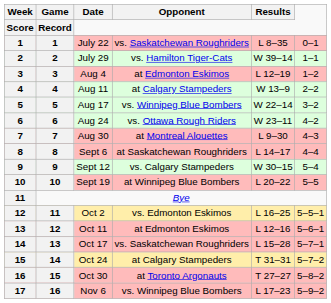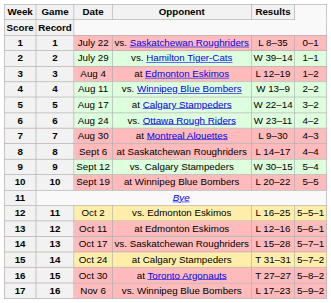 <table class="wikitable" style="text-align:center">
 <tr>
 <th>Week</th>
 <th>Game</th>
 <th>Date</th>
 <th>Opponent</th>
 <th>Results</th>
 </tr>
 <tr>
 <th>Score</th>
 <th>Record</th>
 </tr>
 <tr style="background:#ffbbbb">
 <th>1</th>
 <th>1</th>
 <td>July 22</td>
 <td>vs. <a href='#'>Saskatchewan Roughriders</a></td>
 <td>L 8–35</td>
 <td>0–1</td>
 </tr>
 <tr style="background:#ddffdd">
 <th>2</th>
 <th>2</th>
 <td>July 29</td>
 <td>vs. <a href='#'>Hamilton Tiger-Cats</a></td>
 <td>W 39–14</td>
 <td>1–1</td>
 </tr>
 <tr style="background:#ffbbbb">
 <th>3</th>
 <th>3</th>
 <td>Aug 4</td>
 <td>at <a href='#'>Edmonton Eskimos</a></td>
 <td>L 12–19</td>
 <td>1–2</td>
 </tr>
 <tr style="background:#ddffdd">
 <th>4</th>
 <th>4</th>
 <td>Aug 11</td>
-<td>at <a href='#'>Calgary Stampeders</a></td>
+<td>vs. <a href='#'>Winnipeg Blue Bombers</a></td>
 <td>W 13–9</td>
 <td>2–2</td>
 </tr>
 <tr style="background:#ddffdd">
 <th>5</th>
 <th>5</th>
 <td>Aug 17</td>
-<td>vs. <a href='#'>Winnipeg Blue Bombers</a></td>
+<td>at <a href='#'>Calgary Stampeders</a></td>
 <td>W 22–14</td>
 <td>3–2</td>
 </tr>
 <tr style="background:#ddffdd">
 <th>6</th>
 <th>6</th>
 <td>Aug 24</td>
 <td>vs. <a href='#'>Ottawa Rough Riders</a></td>
 <td>W 23–11</td>
 <td>4–2</td>
 </tr>
 <tr style="background:#ffbbbb">
 <th>7</th>
 <th>7</th>
 <td>Aug 30</td>
 <td>at <a href='#'>Montreal Alouettes</a></td>
 <td>L 9–30</td>
 <td>4–3</td>
 </tr>
 <tr style="background:#ffbbbb">
 <th>8</th>
 <th>8</th>
 <td>Sept 6</td>
 <td>at Saskatchewan Roughriders</td>
 <td>L 14–17</td>
 <td>4–4</td>
 </tr>
 <tr style="background:#ddffdd">
 <th>9</th>
 <th>9</th>
 <td>Sept 12</td>
 <td>vs. Calgary Stampeders</td>
 <td>W 30–15</td>
 <td>5–4</td>
 </tr>
 <tr style="background:#ffbbbb">
 <th>10</th>
 <th>10</th>
 <td>Sept 19</td>
 <td>at Winnipeg Blue Bombers</td>
 <td>L 20–22</td>
 <td>5–5</td>
 </tr>
 <tr>
 <th>11</th>
 <td colspan=7><em><a href='#'>Bye</a></em></td>
 </tr>
 <tr style="background:#ffeeaa">
 <th>12</th>
 <th>11</th>
 <td>Oct 2</td>
 <td>vs. Edmonton Eskimos</td>
 <td>L 16–25</td>
 <td>5–5–1</td>
 </tr>
 <tr style="background:#ffbbbb">
 <th>13</th>
 <th>12</th>
 <td>Oct 11</td>
 <td>at Edmonton Eskimos</td>
 <td>L 12–16</td>
 <td>5–6–1</td>
 </tr>
 <tr style="background:#ffbbbb">
 <th>14</th>
 <th>13</th>
 <td>Oct 17</td>
 <td>vs. Saskatchewan Roughriders</td>
 <td>L 15–28</td>
 <td>5–7–1</td>
 </tr>
 <tr style="background:#ffeeaa">
 <th>15</th>
 <th>14</th>
 <td>Oct 24</td>
 <td>at Calgary Stampeders</td>
 <td>T 31–31</td>
 <td>5–7–2</td>
 </tr>
 <tr style="background:#ffbbbb">
 <th>16</th>
 <th>15</th>
 <td>Oct 30</td>
 <td>at <a href='#'>Toronto Argonauts</a></td>
 <td>T 27–27</td>
 <td>5–8–2</td>
 </tr>
 <tr style="background:#ffbbbb">
 <th>17</th>
 <th>16</th>
 <td>Nov 6</td>
 <td>vs. Winnipeg Blue Bombers</td>
 <td>L 17–23</td>
 <td>5–9–2</td>
 </tr>
 </table>
